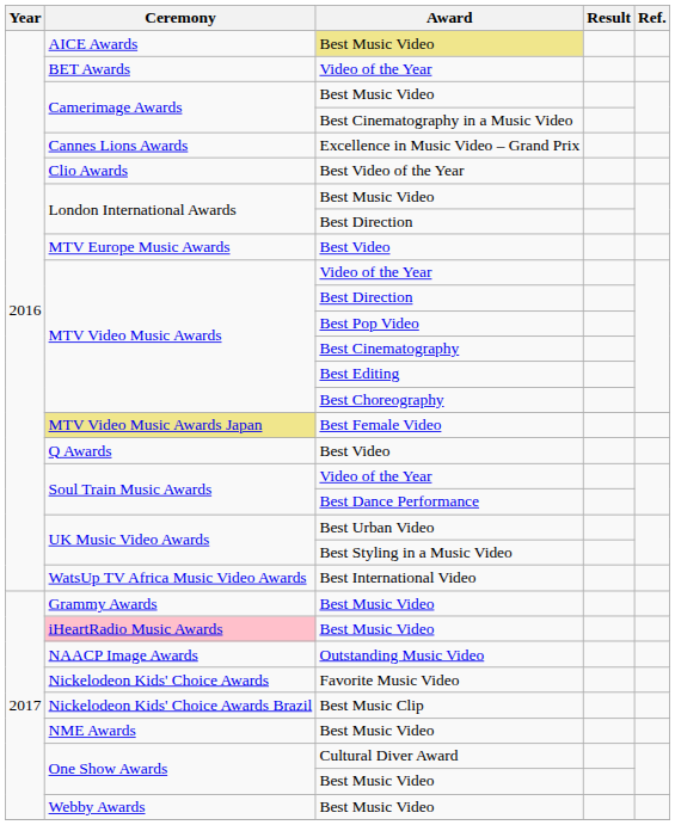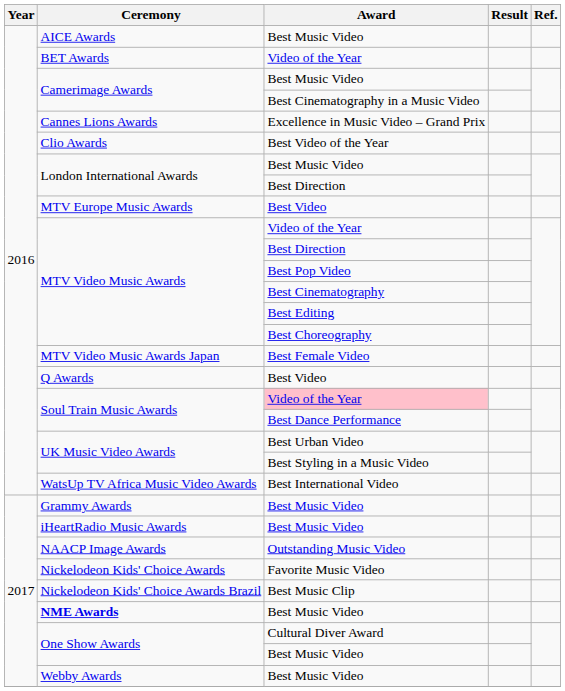 <table class="wikitable">
 <tr>
 <th>Year</th>
 <th>Ceremony</th>
 <th>Award</th>
 <th>Result</th>
 <th>Ref.</th>
 </tr>
 <tr>
 <td rowspan="22">2016</td>
 <td><a href='#'>AICE Awards</a></td>
-<td style="background: khaki;">Best Music Video</td>
+<td>Best Music Video</td>
 <td></td>
 <td></td>
 </tr>
 <tr>
 <td><a href='#'>BET Awards</a></td>
 <td><a href='#'>Video of the Year</a></td>
 <td></td>
 <td></td>
 </tr>
 <tr>
 <td rowspan="2"><a href='#'>Camerimage Awards</a></td>
 <td>Best Music Video</td>
 <td></td>
 <td rowspan="2"></td>
 </tr>
 <tr>
 <td>Best Cinematography in a Music Video</td>
 <td></td>
 </tr>
 <tr>
 <td><a href='#'>Cannes Lions Awards</a></td>
 <td>Excellence in Music Video – Grand Prix</td>
 <td></td>
 <td></td>
 </tr>
 <tr>
 <td><a href='#'>Clio Awards</a></td>
 <td>Best Video of the Year</td>
 <td></td>
 <td></td>
 </tr>
 <tr>
 <td rowspan="2">London International Awards</td>
 <td>Best Music Video</td>
 <td></td>
 <td rowspan="2"></td>
 </tr>
 <tr>
 <td>Best Direction</td>
 <td></td>
 </tr>
 <tr>
 <td><a href='#'>MTV Europe Music Awards</a></td>
 <td><a href='#'>Best Video</a></td>
 <td></td>
 <td></td>
 </tr>
 <tr>
 <td rowspan="6"><a href='#'>MTV Video Music Awards</a></td>
 <td><a href='#'>Video of the Year</a></td>
 <td></td>
 <td rowspan="6"></td>
 </tr>
 <tr>
 <td><a href='#'>Best Direction</a></td>
 <td></td>
 </tr>
 <tr>
 <td><a href='#'>Best Pop Video</a></td>
 <td></td>
 </tr>
 <tr>
 <td><a href='#'>Best Cinematography</a></td>
 <td></td>
 </tr>
 <tr>
 <td><a href='#'>Best Editing</a></td>
 <td></td>
 </tr>
 <tr>
 <td><a href='#'>Best Choreography</a></td>
 <td></td>
 </tr>
 <tr>
-<td style="background: khaki;"><a href='#'>MTV Video Music Awards Japan</a></td>
+<td><a href='#'>MTV Video Music Awards Japan</a></td>
 <td><a href='#'>Best Female Video</a></td>
 <td></td>
 <td></td>
 </tr>
 <tr>
 <td><a href='#'>Q Awards</a></td>
 <td>Best Video</td>
 <td></td>
 <td></td>
 </tr>
 <tr>
 <td rowspan="2"><a href='#'>Soul Train Music Awards</a></td>
-<td><a href='#'>Video of the Year</a></td>
+<td style="background: pink;"><a href='#'>Video of the Year</a></td>
 <td></td>
 <td rowspan="2"></td>
 </tr>
 <tr>
 <td><a href='#'>Best Dance Performance</a></td>
 <td></td>
 </tr>
 <tr>
 <td rowspan="2"><a href='#'>UK Music Video Awards</a></td>
 <td>Best Urban Video</td>
 <td></td>
 <td rowspan="2"></td>
 </tr>
 <tr>
 <td>Best Styling in a Music Video</td>
 <td></td>
 </tr>
 <tr>
 <td><a href='#'>WatsUp TV Africa Music Video Awards</a></td>
 <td>Best International Video</td>
 <td></td>
 <td></td>
 </tr>
 <tr>
 <td rowspan="9">2017</td>
 <td><a href='#'>Grammy Awards</a></td>
 <td><a href='#'>Best Music Video</a></td>
 <td></td>
 <td></td>
 </tr>
 <tr>
-<td style="background: pink;"><a href='#'>iHeartRadio Music Awards</a></td>
+<td><a href='#'>iHeartRadio Music Awards</a></td>
 <td><a href='#'>Best Music Video</a></td>
 <td></td>
 <td></td>
 </tr>
 <tr>
 <td><a href='#'>NAACP Image Awards</a></td>
 <td><a href='#'>Outstanding Music Video</a></td>
 <td></td>
 <td></td>
 </tr>
 <tr>
 <td><a href='#'>Nickelodeon Kids' Choice Awards</a></td>
 <td>Favorite Music Video</td>
 <td></td>
 <td></td>
 </tr>
 <tr>
 <td><a href='#'>Nickelodeon Kids' Choice Awards Brazil</a></td>
 <td>Best Music Clip</td>
 <td></td>
 <td></td>
 </tr>
 <tr>
-<td><a href='#'>NME Awards</a></td>
+<td><strong><a href='#'>NME Awards</a></strong></td>
 <td>Best Music Video</td>
 <td></td>
 <td></td>
 </tr>
 <tr>
 <td rowspan="2"><a href='#'>One Show Awards</a></td>
 <td>Cultural Diver Award</td>
 <td></td>
 <td rowspan="2"></td>
 </tr>
 <tr>
 <td>Best Music Video</td>
 <td></td>
 </tr>
 <tr>
 <td><a href='#'>Webby Awards</a></td>
 <td>Best Music Video</td>
 <td></td>
 <td></td>
 </tr>
 <tr>
 </tr>
 </table>
